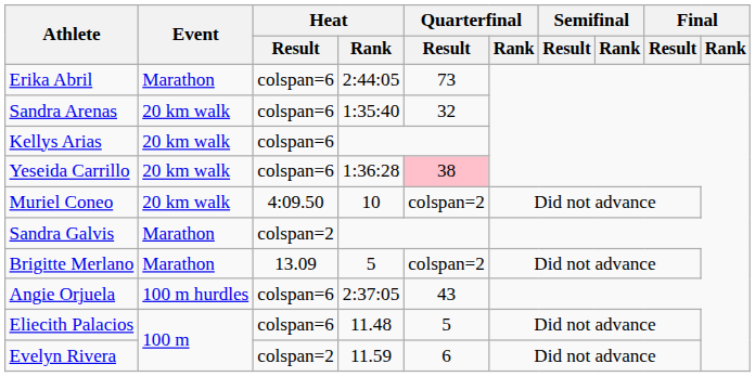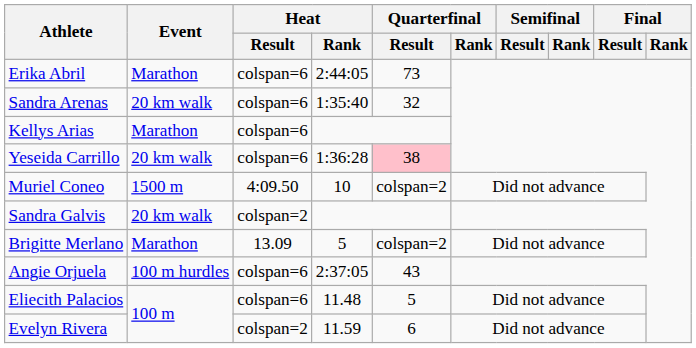 <table class="wikitable" style="font-size:90%">
 <tr>
 <th rowspan="2">Athlete</th>
 <th rowspan="2">Event</th>
 <th colspan="2">Heat</th>
 <th colspan="2">Quarterfinal</th>
 <th colspan="2">Semifinal</th>
 <th colspan="2">Final</th>
 </tr>
 <tr style="font-size:95%">
 <th>Result</th>
 <th>Rank</th>
 <th>Result</th>
 <th>Rank</th>
 <th>Result</th>
 <th>Rank</th>
 <th>Result</th>
 <th>Rank</th>
 </tr>
 <tr align=center>
 <td align=left><a href='#'>Erika Abril</a></td>
 <td align=left><a href='#'>Marathon</a></td>
 <td>colspan=6 </td>
 <td>2:44:05</td>
 <td>73</td>
 </tr>
 <tr align=center>
 <td align=left><a href='#'>Sandra Arenas</a></td>
 <td align=left><a href='#'>20 km walk</a></td>
 <td>colspan=6 </td>
 <td>1:35:40</td>
 <td>32</td>
 </tr>
 <tr align=center>
 <td align=left><a href='#'>Kellys Arias</a></td>
-<td align=left><a href='#'>20 km walk</a></td>
+<td align=left><a href='#'>Marathon</a></td>
 <td>colspan=6 </td>
 <td colspan=2></td>
 </tr>
 <tr align=center>
 <td align=left><a href='#'>Yeseida Carrillo</a></td>
 <td align=left><a href='#'>20 km walk</a></td>
 <td>colspan=6 </td>
 <td>1:36:28</td>
 <td style="background: pink;">38</td>
 </tr>
 <tr align=center>
 <td align=left><a href='#'>Muriel Coneo</a></td>
-<td align=left><a href='#'>20 km walk</a></td>
+<td align=left><a href='#'>1500 m</a></td>
 <td>4:09.50</td>
 <td>10</td>
 <td>colspan=2 </td>
 <td colspan=4>Did not advance</td>
 </tr>
 <tr align=center>
 <td align=left><a href='#'>Sandra Galvis</a></td>
-<td align=left><a href='#'>Marathon</a></td>
+<td align=left><a href='#'>20 km walk</a></td>
 <td>colspan=2 </td>
 <td colspan=2></td>
 </tr>
 <tr align=center>
 <td align=left><a href='#'>Brigitte Merlano</a></td>
 <td align=left><a href='#'>Marathon</a></td>
 <td>13.09</td>
 <td>5</td>
 <td>colspan=2 </td>
 <td colspan=4>Did not advance</td>
 </tr>
 <tr align=center>
 <td align=left><a href='#'>Angie Orjuela</a></td>
 <td align=left><a href='#'>100 m hurdles</a></td>
 <td>colspan=6 </td>
 <td>2:37:05</td>
 <td>43</td>
 </tr>
 <tr align=center>
 <td align=left><a href='#'>Eliecith Palacios</a></td>
 <td align=left rowspan=3><a href='#'>100 m</a></td>
 <td>colspan=6 </td>
 <td>11.48</td>
 <td>5</td>
 <td colspan=4>Did not advance</td>
 </tr>
 <tr align=center>
 <td align=left><a href='#'>Evelyn Rivera</a></td>
 <td>colspan=2 </td>
 <td>11.59</td>
 <td>6</td>
 <td colspan=4>Did not advance</td>
 </tr>
 </table>
